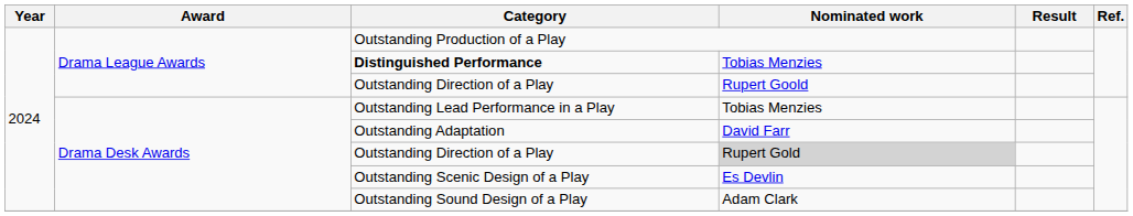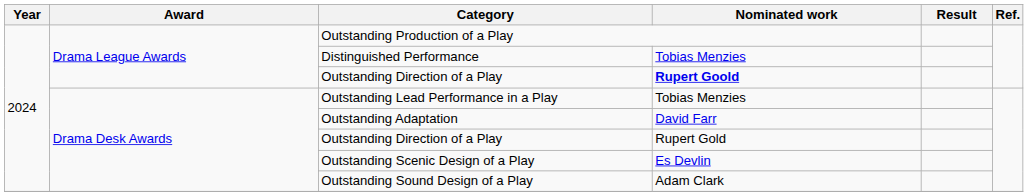 <table class=wikitable>
 <tr>
 <th scope="col" style="width:3em;">Year</th>
 <th scope="col" style="width:20em;">Award</th>
 <th scope="col" style="width:25em;">Category</th>
 <th scope="col" style="width:20em;">Nominated work</th>
 <th scope="col" style="width:5em;">Result</th>
 <th>Ref.</th>
 </tr>
 <tr>
 <td rowspan=8>2024</td>
 <td rowspan=3><a href='#'>Drama League Awards</a></td>
 <td colspan=2>Outstanding Production of a Play</td>
 <td></td>
 <td rowspan=3></td>
 </tr>
 <tr>
-<td><strong>Distinguished Performance</strong></td>
+<td>Distinguished Performance</td>
 <td><a href='#'>Tobias Menzies</a></td>
 <td></td>
 </tr>
 <tr>
 <td>Outstanding Direction of a Play</td>
-<td><a href='#'>Rupert Goold</a></td>
+<td><strong><a href='#'>Rupert Goold</a></strong></td>
 <td></td>
 </tr>
 <tr>
 <td rowspan=5><a href='#'>Drama Desk Awards</a></td>
 <td>Outstanding Lead Performance in a Play</td>
 <td>Tobias Menzies</td>
 <td></td>
 <td rowspan=5></td>
 </tr>
 <tr>
 <td>Outstanding Adaptation</td>
 <td><a href='#'>David Farr</a></td>
 <td></td>
 </tr>
 <tr>
 <td>Outstanding Direction of a Play</td>
-<td style="background: lightgrey;">Rupert Gold</td>
+<td>Rupert Gold</td>
 <td></td>
 </tr>
 <tr>
 <td>Outstanding Scenic Design of a Play</td>
 <td><a href='#'>Es Devlin</a></td>
 <td></td>
 </tr>
 <tr>
 <td>Outstanding Sound Design of a Play</td>
 <td>Adam Clark</td>
 <td></td>
 </tr>
 <tr>
 </tr>
 </table>
